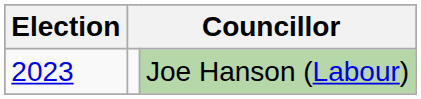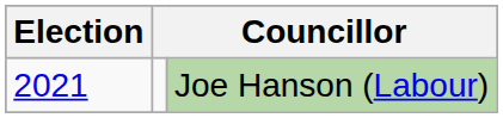 <table class="wikitable">
 <tr>
 <th>Election</th>
 <th colspan="2">Councillor</th>
 </tr>
 <tr>
-<td><a href='#'>2023</a></td>
+<td><a href='#'>2021</a></td>
 <td style="background-color: "></td>
 <td bgcolor="#B6D7A8">Joe Hanson (<a href='#'>Labour</a>)</td>
 </tr>
 </table>
